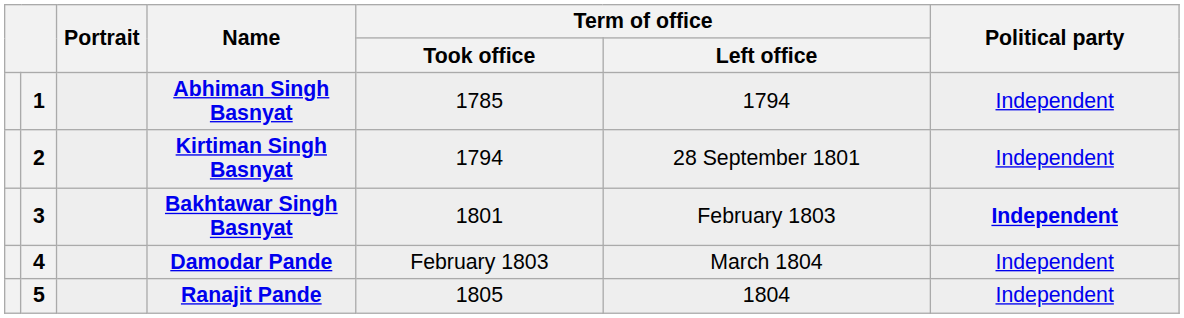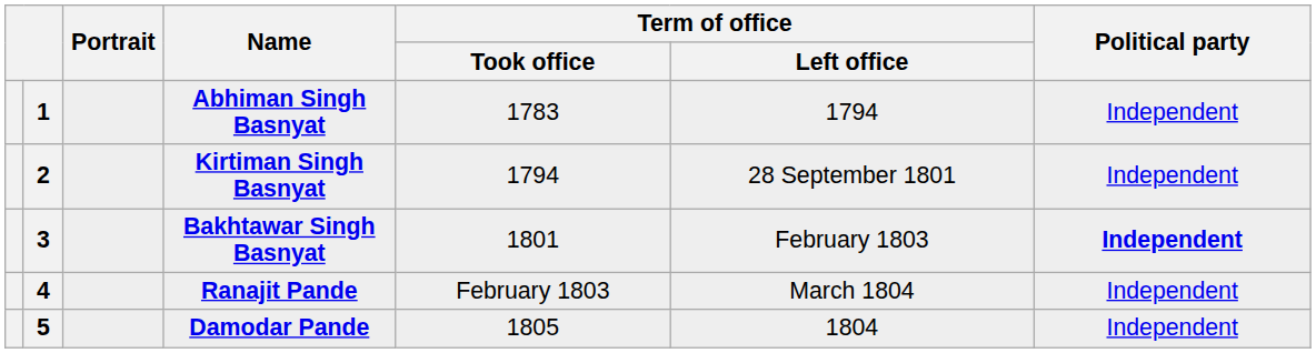 <table class="wikitable" style="text-align:center; border:1px #aaf solid; width:100%;">
 <tr>
 <th rowspan="2" colspan="2"></th>
 <th rowspan="2" style="width:60px;">Portrait</th>
 <th rowspan="2" style="width:150px;">Name<br></th>
 <th colspan="2">Term of office</th>
 <th rowspan="2">Political party</th>
 </tr>
 <tr>
 <th>Took office</th>
 <th>Left office</th>
 </tr>
 <tr style="background:#EEEEEE">
 <th style="background:"></th>
 <th>1</th>
 <td></td>
 <td><strong><a href='#'>Abhiman Singh Basnyat</a></strong><br></td>
-<td>1785</td>
+<td>1783</td>
 <td>1794</td>
 <td><a href='#'>Independent</a></td>
 </tr>
 <tr style="background:#EEEEEE">
 <th style="background:"></th>
 <th>2</th>
 <td></td>
 <td><strong><a href='#'>Kirtiman Singh Basnyat</a></strong><br></td>
 <td>1794</td>
 <td>28 September 1801</td>
 <td><a href='#'>Independent</a></td>
 </tr>
 <tr style="background:#EEEEEE">
 <th style="background:"></th>
 <th>3</th>
 <td></td>
 <td><strong><a href='#'>Bakhtawar Singh Basnyat</a></strong></td>
 <td>1801</td>
 <td>February 1803</td>
 <td><strong><a href='#'>Independent</a></strong></td>
 </tr>
 <tr style="background:#EEEEEE">
 <th style="background:"></th>
 <th>4</th>
 <td></td>
-<td><strong><a href='#'>Damodar Pande</a></strong><br></td>
+<td><strong><a href='#'>Ranajit Pande</a></strong></td>
 <td>February 1803</td>
 <td>March 1804</td>
 <td><a href='#'>Independent</a></td>
 </tr>
 <tr style="background:#EEEEEE">
 <th style="background:"></th>
 <th>5</th>
 <td></td>
-<td><strong><a href='#'>Ranajit Pande</a></strong></td>
+<td><strong><a href='#'>Damodar Pande</a></strong><br></td>
 <td>1805</td>
 <td>1804</td>
 <td><a href='#'>Independent</a></td>
 </tr>
 </table>
